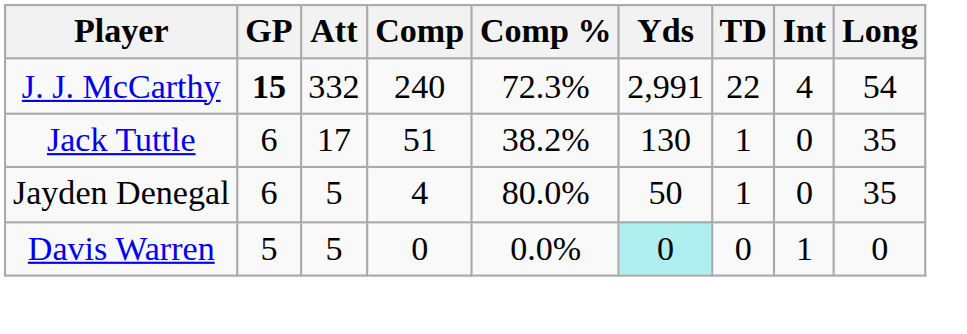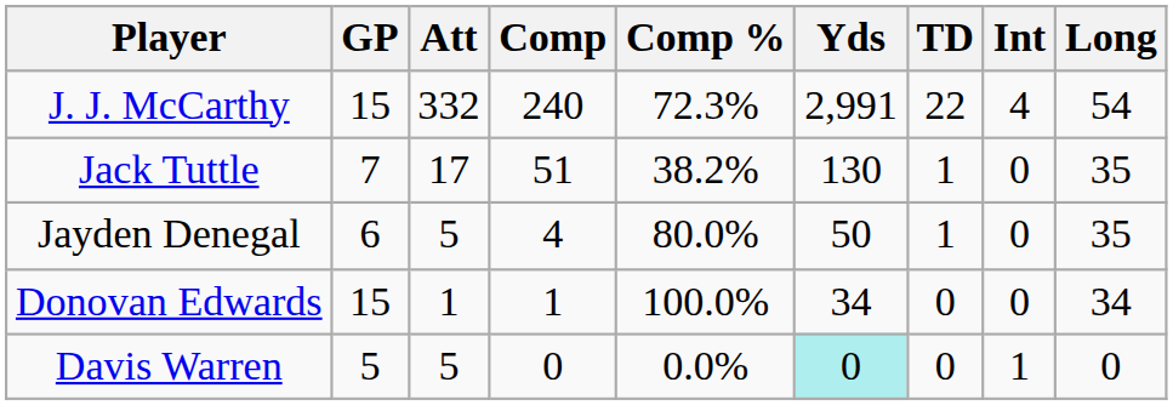 <table class="wikitable sortable sortable" style="text-align: center">
 <tr align=center>
 <th>Player</th>
 <th>GP</th>
 <th>Att</th>
 <th>Comp</th>
 <th>Comp %</th>
 <th>Yds</th>
 <th>TD</th>
 <th>Int</th>
 <th>Long</th>
 </tr>
 <tr>
 <td><a href='#'>J. J. McCarthy</a></td>
-<td><strong>15</strong></td>
+<td>15</td>
 <td>332</td>
 <td>240</td>
 <td>72.3%</td>
 <td>2,991</td>
 <td>22</td>
 <td>4</td>
 <td>54</td>
 </tr>
 <tr>
 <td><a href='#'>Jack Tuttle</a></td>
-<td>6</td>
+<td>7</td>
 <td>17</td>
 <td>51</td>
 <td>38.2%</td>
 <td>130</td>
 <td>1</td>
 <td>0</td>
 <td>35</td>
 </tr>
 <tr>
 <td>Jayden Denegal</td>
 <td>6</td>
 <td>5</td>
 <td>4</td>
 <td>80.0%</td>
 <td>50</td>
 <td>1</td>
 <td>0</td>
 <td>35</td>
 </tr>
 <tr>
+<td><a href='#'>Donovan Edwards</a></td>
+<td>15</td>
+<td>1</td>
+<td>1</td>
+<td>100.0%</td>
+<td>34</td>
+<td>0</td>
+<td>0</td>
+<td>34</td>
+</tr>
+<tr>
 <td><a href='#'>Davis Warren</a></td>
 <td>5</td>
 <td>5</td>
 <td>0</td>
 <td>0.0%</td>
 <td style="background: paleturquoise;">0</td>
 <td>0</td>
 <td>1</td>
 <td>0</td>
 </tr>
 </table>
